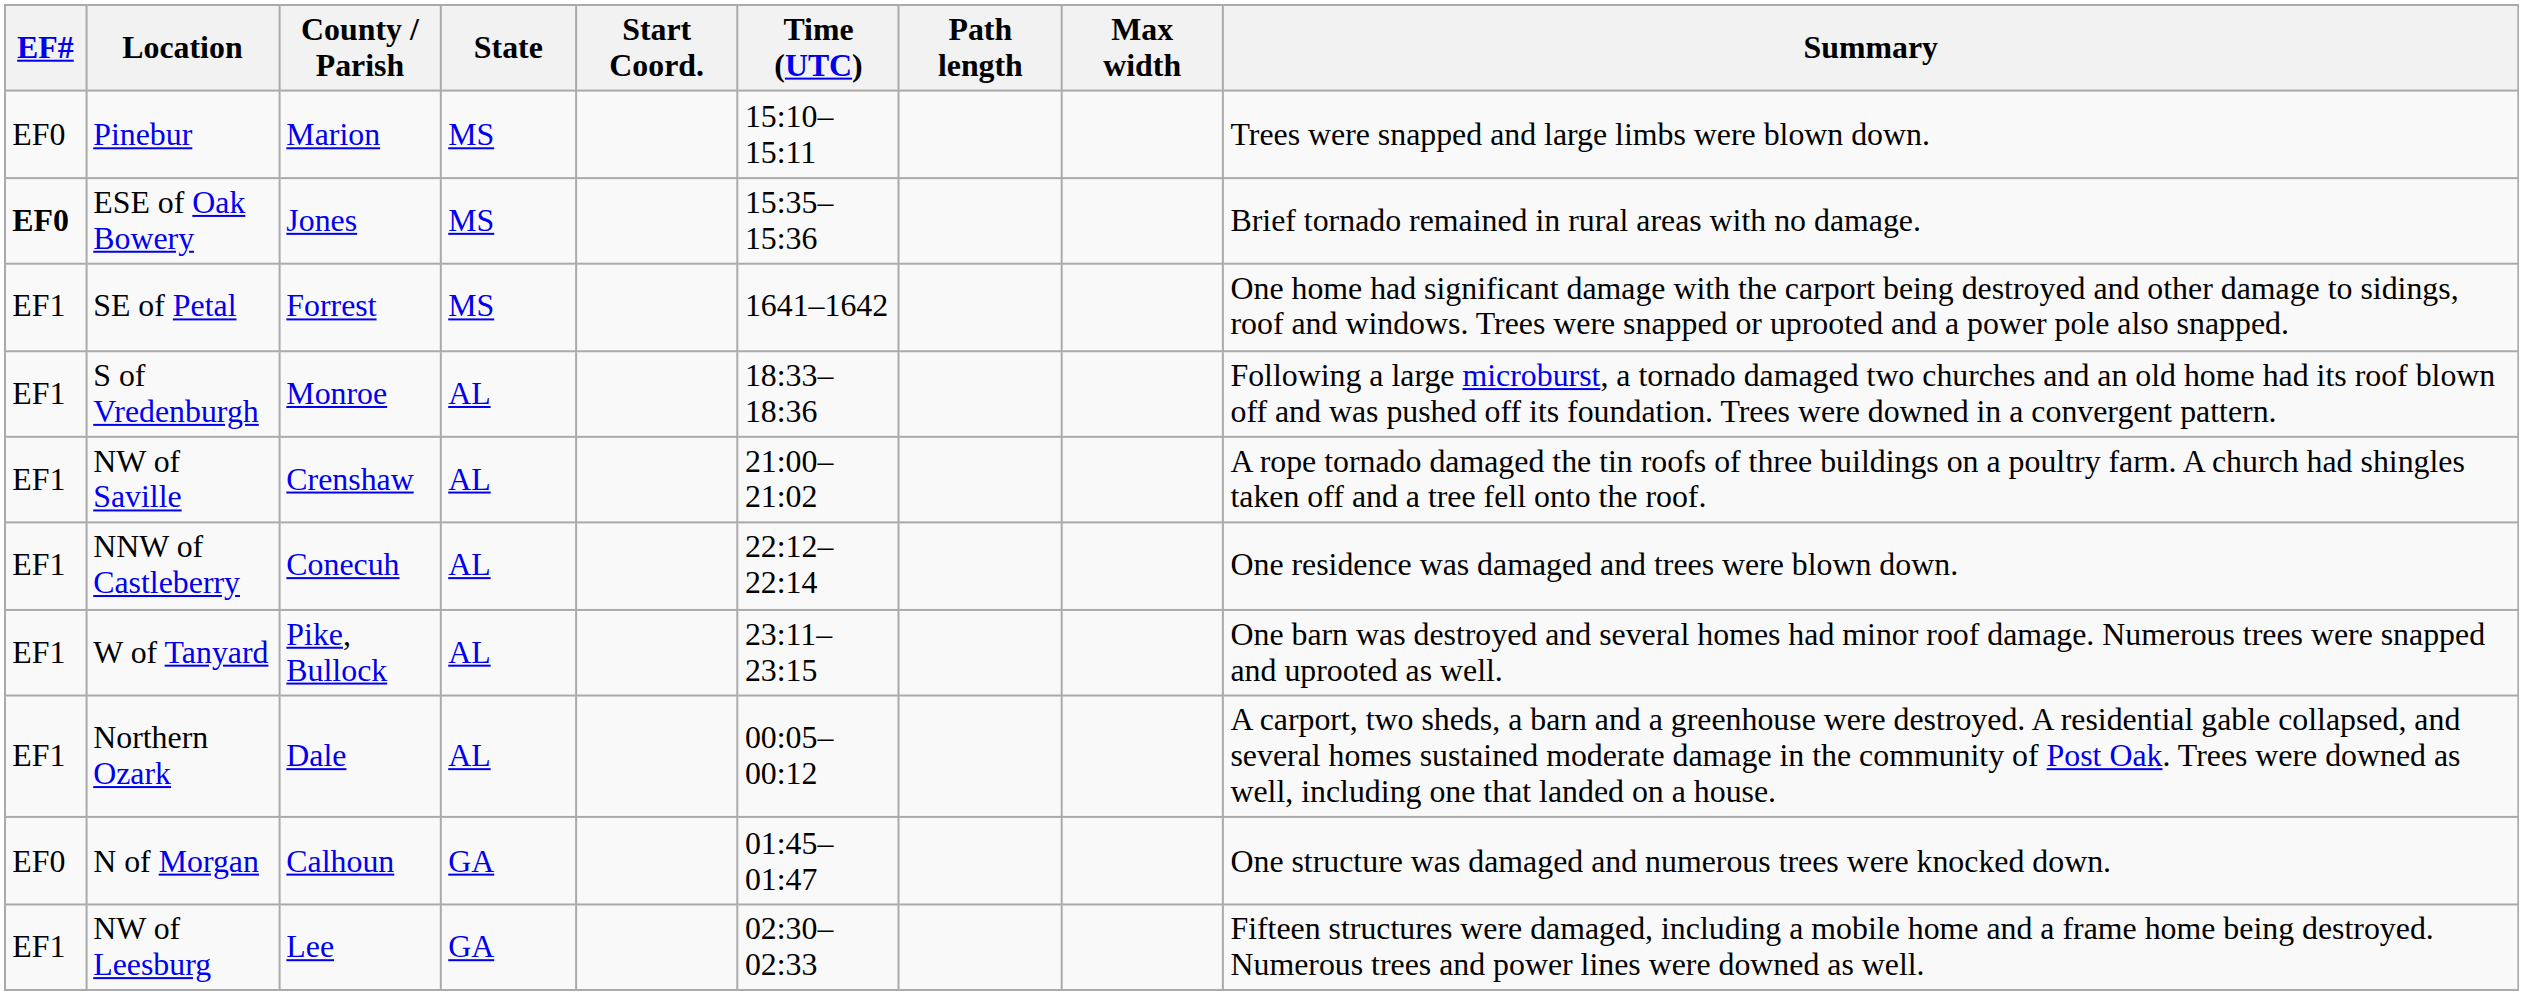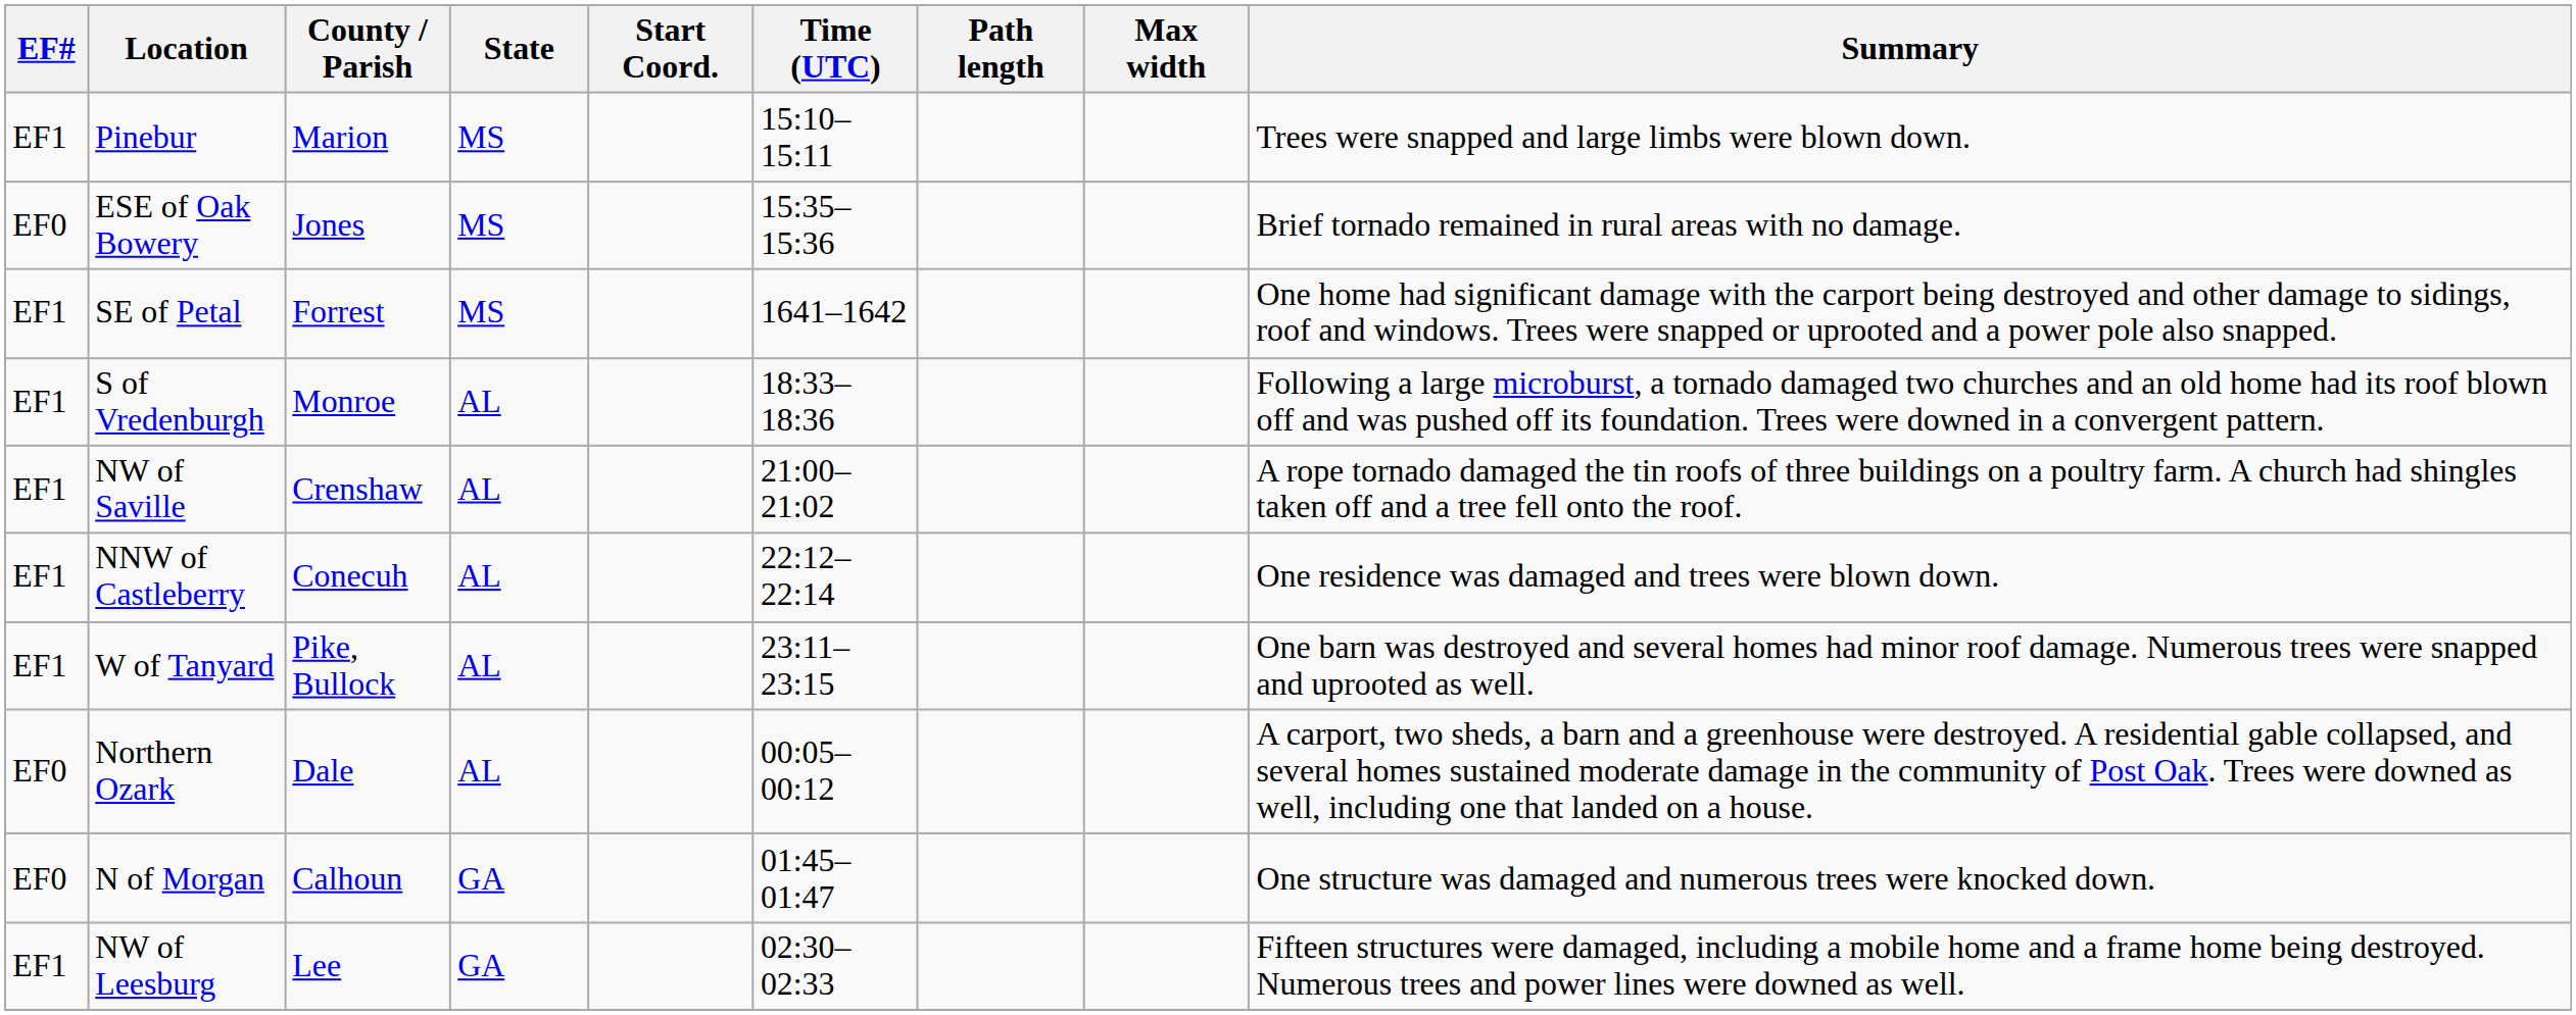 <table class="wikitable sortable" style="width:100%;">
 <tr>
 <th scope="col"  style="width:3%; text-align:center;"><a href='#'>EF#</a></th>
 <th scope="col"  style="width:7%; text-align:center;" class="unsortable">Location</th>
 <th scope="col"  style="width:6%; text-align:center;" class="unsortable">County / Parish</th>
 <th scope="col"  style="width:5%; text-align:center;">State</th>
 <th scope="col"  style="width:6%; text-align:center;">Start Coord.</th>
 <th scope="col"  style="width:6%; text-align:center;">Time (<a href='#'>UTC</a>)</th>
 <th scope="col"  style="width:6%; text-align:center;">Path length</th>
 <th scope="col"  style="width:6%; text-align:center;">Max width</th>
 <th scope="col" class="unsortable" style="width:48%; text-align:center;">Summary</th>
 </tr>
 <tr>
-<td>EF0</td>
+<td>EF1</td>
 <td><a href='#'>Pinebur</a></td>
 <td><a href='#'>Marion</a></td>
 <td><a href='#'>MS</a></td>
 <td></td>
 <td>15:10–15:11</td>
 <td></td>
 <td></td>
 <td>Trees were snapped and large limbs were blown down.</td>
 </tr>
 <tr>
-<td><strong>EF0</strong></td>
+<td>EF0</td>
 <td>ESE of <a href='#'>Oak Bowery</a></td>
 <td><a href='#'>Jones</a></td>
 <td><a href='#'>MS</a></td>
 <td></td>
 <td>15:35–15:36</td>
 <td></td>
 <td></td>
 <td>Brief tornado remained in rural areas with no damage.</td>
 </tr>
 <tr>
 <td>EF1</td>
 <td>SE of <a href='#'>Petal</a></td>
 <td><a href='#'>Forrest</a></td>
 <td><a href='#'>MS</a></td>
 <td></td>
 <td>1641–1642</td>
 <td></td>
 <td></td>
 <td>One home had significant damage with the carport being destroyed and other damage to sidings, roof and windows. Trees were snapped or uprooted and a power pole also snapped.</td>
 </tr>
 <tr>
 <td>EF1</td>
 <td>S of <a href='#'>Vredenburgh</a></td>
 <td><a href='#'>Monroe</a></td>
 <td><a href='#'>AL</a></td>
 <td></td>
 <td>18:33–18:36</td>
 <td></td>
 <td></td>
 <td>Following a large <a href='#'>microburst</a>, a tornado damaged two churches and an old home had its roof blown off and was pushed off its foundation. Trees were downed in a convergent pattern.</td>
 </tr>
 <tr>
 <td>EF1</td>
 <td>NW of <a href='#'>Saville</a></td>
 <td><a href='#'>Crenshaw</a></td>
 <td><a href='#'>AL</a></td>
 <td></td>
 <td>21:00–21:02</td>
 <td></td>
 <td></td>
 <td>A rope tornado damaged the tin roofs of three buildings on a poultry farm. A church had shingles taken off and a tree fell onto the roof.</td>
 </tr>
 <tr>
 <td>EF1</td>
 <td>NNW of <a href='#'>Castleberry</a></td>
 <td><a href='#'>Conecuh</a></td>
 <td><a href='#'>AL</a></td>
 <td></td>
 <td>22:12–22:14</td>
 <td></td>
 <td></td>
 <td>One residence was damaged and trees were blown down.</td>
 </tr>
 <tr>
 <td>EF1</td>
 <td>W of <a href='#'>Tanyard</a></td>
 <td><a href='#'>Pike</a>, <a href='#'>Bullock</a></td>
 <td><a href='#'>AL</a></td>
 <td></td>
 <td>23:11–23:15</td>
 <td></td>
 <td></td>
 <td>One barn was destroyed and several homes had minor roof damage. Numerous trees were snapped and uprooted as well.</td>
 </tr>
 <tr>
-<td>EF1</td>
+<td>EF0</td>
 <td>Northern <a href='#'>Ozark</a></td>
 <td><a href='#'>Dale</a></td>
 <td><a href='#'>AL</a></td>
 <td></td>
 <td>00:05–00:12</td>
 <td></td>
 <td></td>
 <td>A carport, two sheds, a barn and a greenhouse were destroyed. A residential gable collapsed, and several homes sustained moderate damage in the community of <a href='#'>Post Oak</a>. Trees were downed as well, including one that landed on a house.</td>
 </tr>
 <tr>
 <td>EF0</td>
 <td>N of <a href='#'>Morgan</a></td>
 <td><a href='#'>Calhoun</a></td>
 <td><a href='#'>GA</a></td>
 <td></td>
 <td>01:45–01:47</td>
 <td></td>
 <td></td>
 <td>One structure was damaged and numerous trees were knocked down.</td>
 </tr>
 <tr>
 <td>EF1</td>
 <td>NW of <a href='#'>Leesburg</a></td>
 <td><a href='#'>Lee</a></td>
 <td><a href='#'>GA</a></td>
 <td></td>
 <td>02:30–02:33</td>
 <td></td>
 <td></td>
 <td>Fifteen structures were damaged, including a mobile home and a frame home being destroyed. Numerous trees and power lines were downed as well.</td>
 </tr>
 <tr>
 </tr>
 </table>
